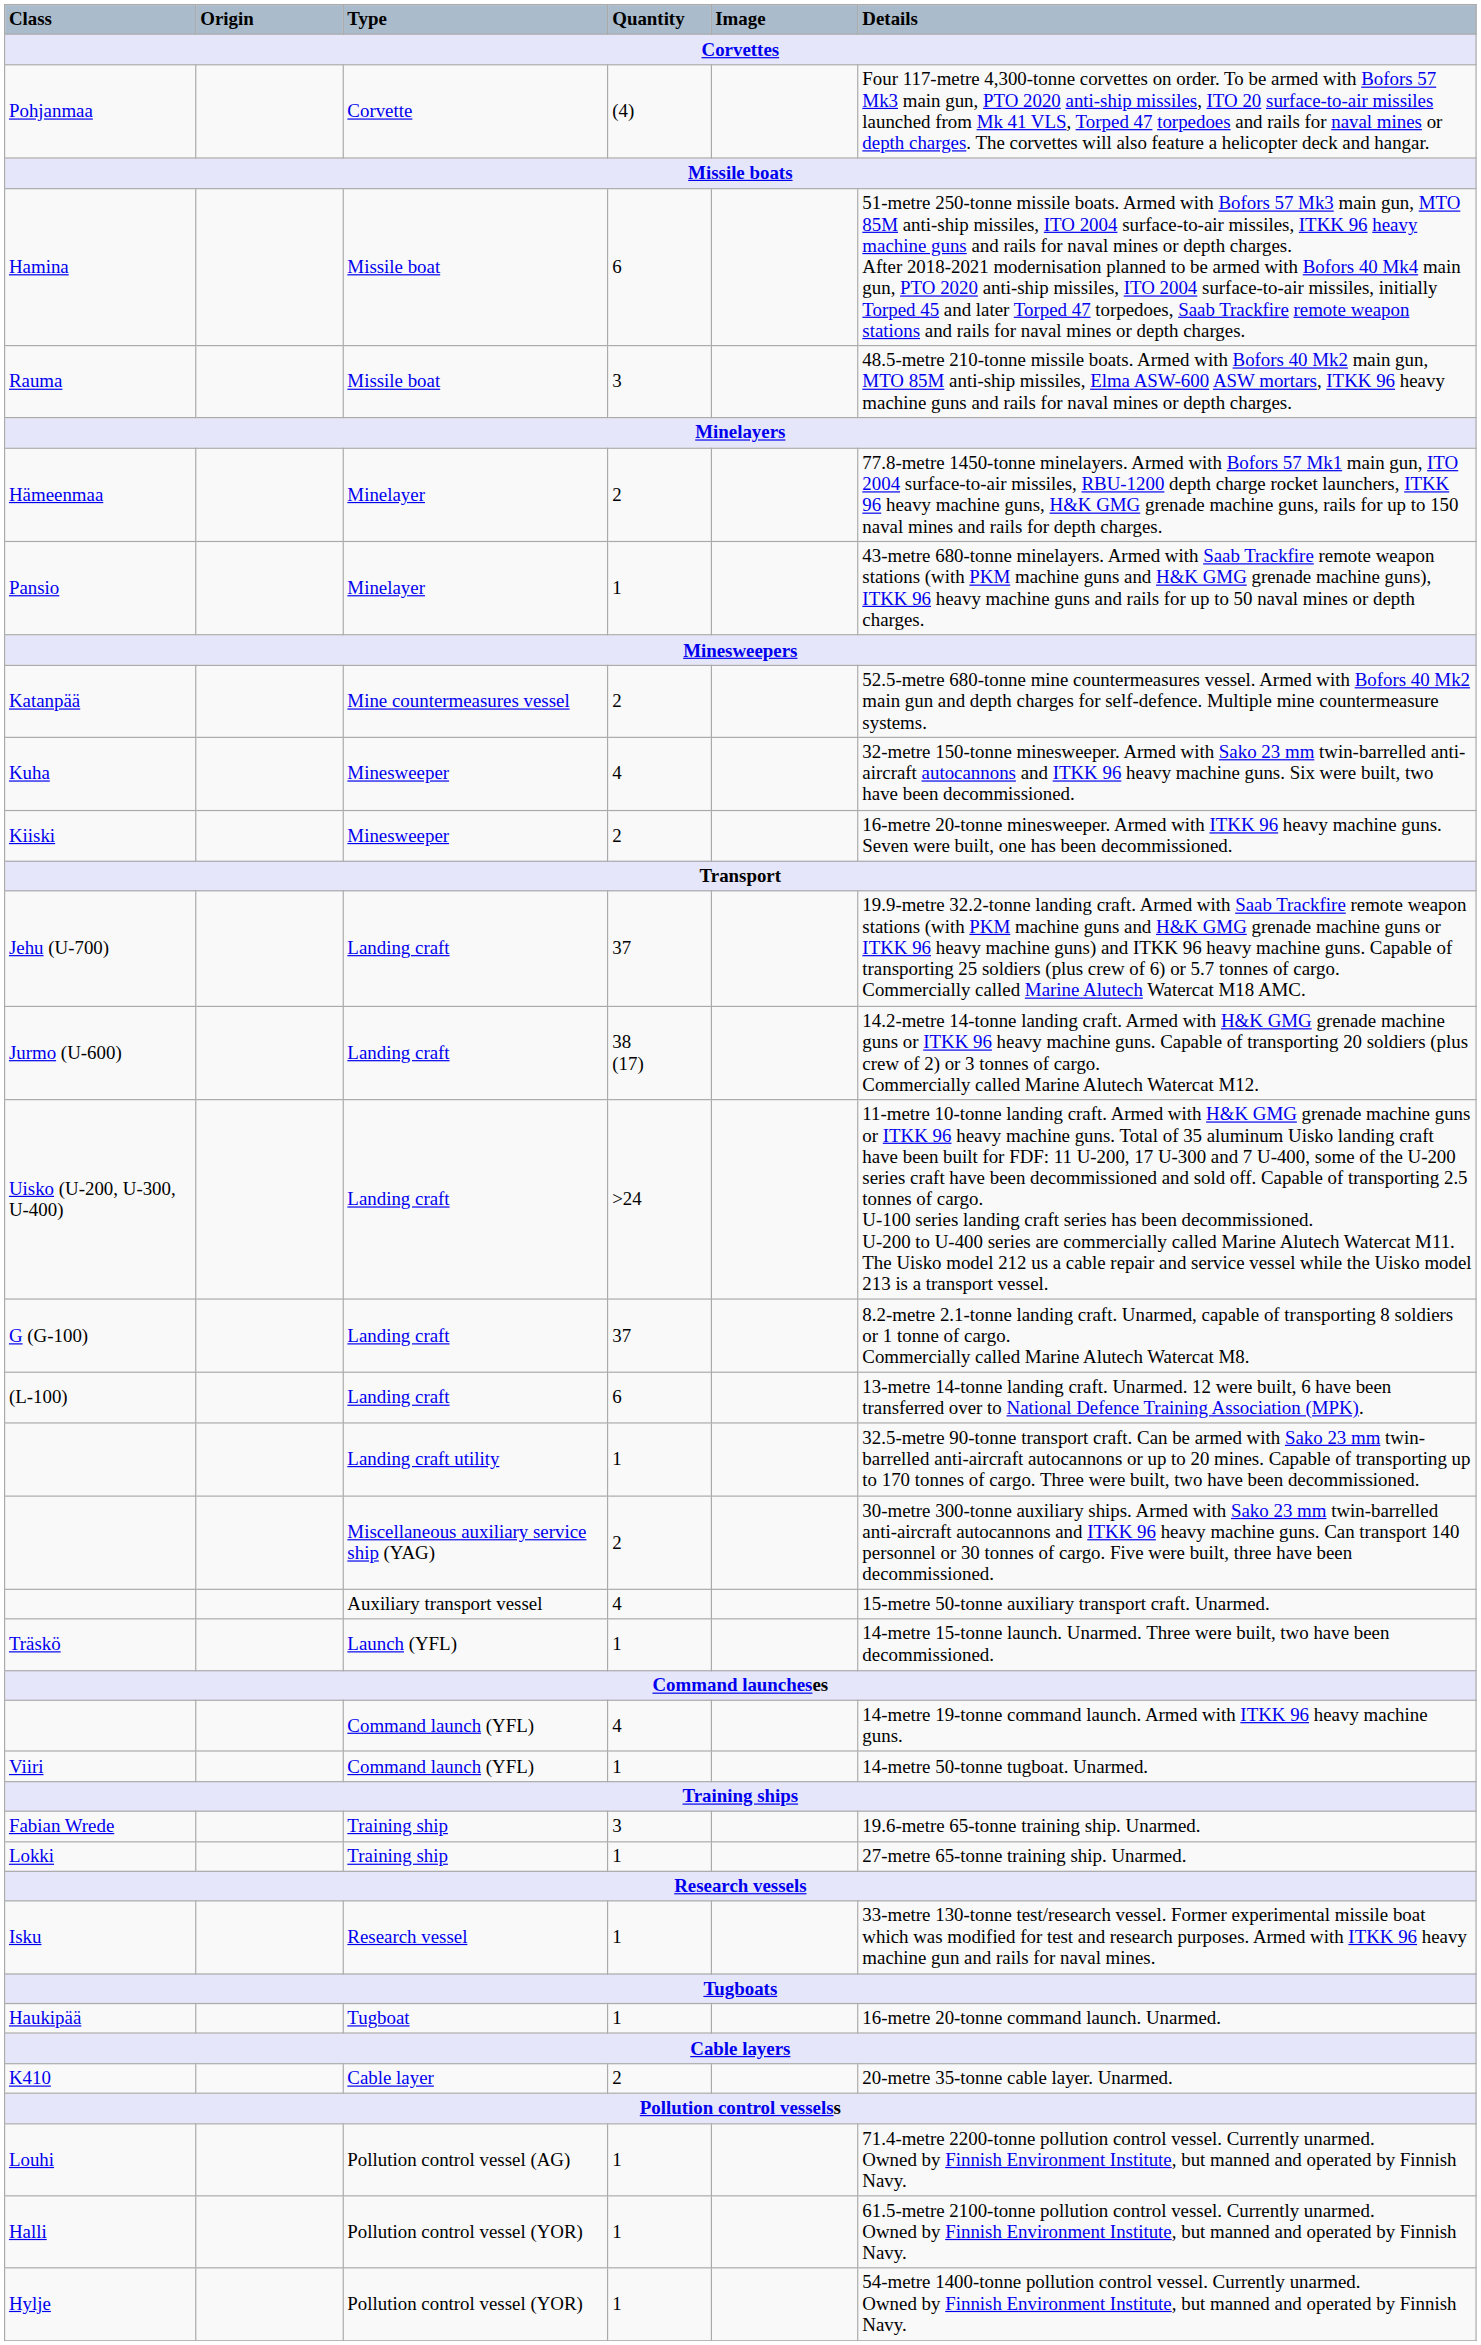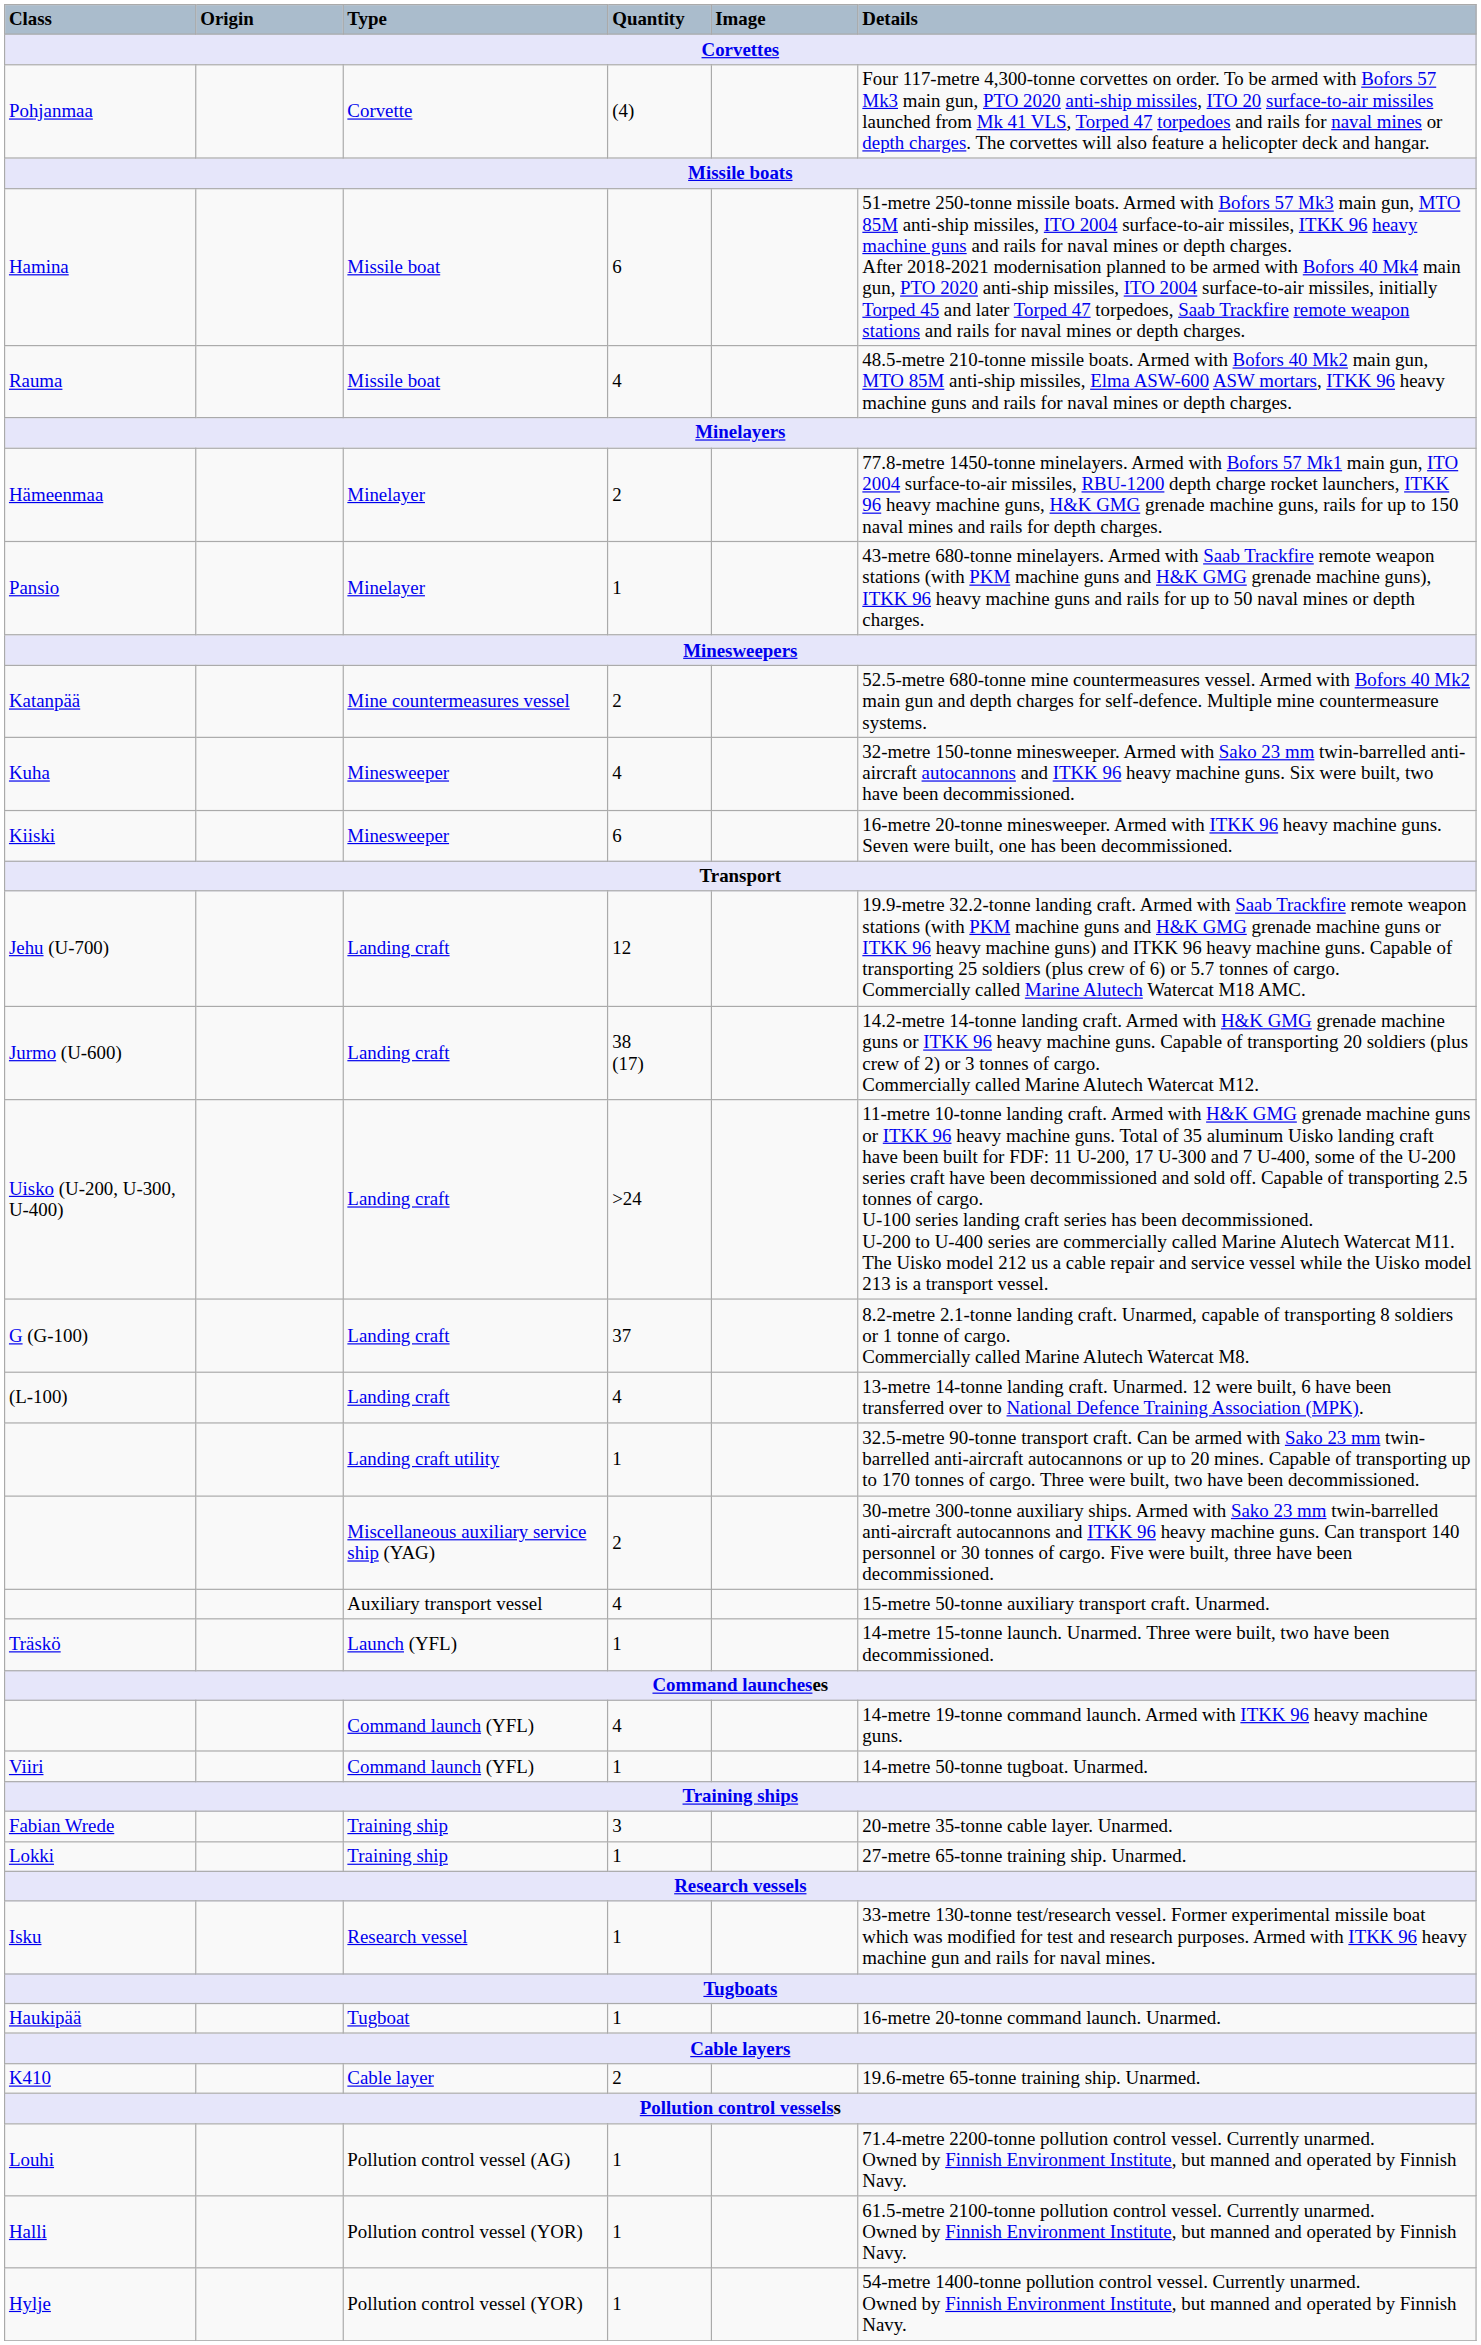 <table class="wikitable">
 <tr>
 <th style="text-align: left; background: #aabccc; width:13%;">Class</th>
 <th style="text-align: left; background: #aabccc; width:10%;">Origin</th>
 <th style="text-align: left; background: #aabccc; width:18%;">Type</th>
 <th style="text-align: left; background: #aabccc; width:7%;">Quantity</th>
 <th style="text-align: left; background: #aabccc;width:10%;">Image</th>
 <th style="text-align: left; background: #aabccc;width:42%;">Details</th>
 </tr>
 <tr>
 <th style="align: center; background: lavender;" colspan="7"><a href='#'>Corvettes</a></th>
 </tr>
 <tr>
 <td><a href='#'>Pohjanmaa</a></td>
 <td></td>
 <td><a href='#'>Corvette</a></td>
 <td>(4)</td>
 <td></td>
 <td>Four 117-metre 4,300-tonne corvettes on order. To be armed with <a href='#'>Bofors 57 Mk3</a> main gun, <a href='#'>PTO 2020</a> <a href='#'>anti-ship missiles</a>, <a href='#'>ITO 20</a> <a href='#'>surface-to-air missiles</a> launched from <a href='#'>Mk 41 VLS</a>, <a href='#'>Torped 47</a> <a href='#'>torpedoes</a> and rails for <a href='#'>naval mines</a> or <a href='#'>depth charges</a>. The corvettes will also feature a helicopter deck and hangar.</td>
 </tr>
 <tr>
 <th style="align: center; background: lavender;" colspan="7"><a href='#'>Missile boats</a></th>
 </tr>
 <tr>
 <td><a href='#'>Hamina</a></td>
 <td></td>
 <td><a href='#'>Missile boat</a></td>
 <td>6</td>
 <td></td>
 <td>51-metre 250-tonne missile boats. Armed with <a href='#'>Bofors 57 Mk3</a> main gun, <a href='#'>MTO 85M</a> anti-ship missiles, <a href='#'>ITO 2004</a> surface-to-air missiles, <a href='#'>ITKK 96</a> <a href='#'>heavy machine guns</a> and rails for naval mines or depth charges. <br> After 2018-2021 modernisation planned to be armed with <a href='#'>Bofors 40 Mk4</a> main gun, <a href='#'>PTO 2020</a> anti-ship missiles, <a href='#'>ITO 2004</a> surface-to-air missiles, initially <a href='#'>Torped 45</a> and later <a href='#'>Torped 47</a> torpedoes, <a href='#'>Saab Trackfire</a> <a href='#'>remote weapon stations</a> and rails for naval mines or depth charges.</td>
 </tr>
 <tr>
 <td><a href='#'>Rauma</a></td>
 <td></td>
 <td><a href='#'>Missile boat</a></td>
-<td>3</td>
+<td>4</td>
 <td></td>
 <td>48.5-metre 210-tonne missile boats. Armed with <a href='#'>Bofors 40 Mk2</a> main gun, <a href='#'>MTO 85M</a> anti-ship missiles, <a href='#'>Elma ASW-600</a> <a href='#'>ASW mortars</a>, <a href='#'>ITKK 96</a> heavy machine guns and rails for naval mines or depth charges.</td>
 </tr>
 <tr>
 <th style="align: center; background: lavender;" colspan="7"><a href='#'>Minelayers</a></th>
 </tr>
 <tr>
 <td><a href='#'>Hämeenmaa</a></td>
 <td></td>
 <td><a href='#'>Minelayer</a></td>
 <td>2</td>
 <td></td>
 <td>77.8-metre 1450-tonne minelayers. Armed with <a href='#'>Bofors 57 Mk1</a> main gun, <a href='#'>ITO 2004</a> surface-to-air missiles, <a href='#'>RBU-1200</a> depth charge rocket launchers, <a href='#'>ITKK 96</a> heavy machine guns, <a href='#'>H&K GMG</a> grenade machine guns, rails for up to 150 naval mines and rails for depth charges.</td>
 </tr>
 <tr>
 <td><a href='#'>Pansio</a></td>
 <td></td>
 <td><a href='#'>Minelayer</a></td>
 <td>1</td>
 <td></td>
 <td>43-metre 680-tonne minelayers. Armed with <a href='#'>Saab Trackfire</a> remote weapon stations (with <a href='#'>PKM</a> machine guns and <a href='#'>H&K GMG</a> grenade machine guns), <a href='#'>ITKK 96</a> heavy machine guns and rails for up to 50 naval mines or depth charges.</td>
 </tr>
 <tr>
 <th style="align: center; background: lavender;" colspan="7"><a href='#'>Minesweepers</a></th>
 </tr>
 <tr>
 <td><a href='#'>Katanpää</a></td>
 <td></td>
 <td><a href='#'>Mine countermeasures vessel</a></td>
 <td>2</td>
 <td></td>
 <td>52.5-metre 680-tonne mine countermeasures vessel. Armed with <a href='#'>Bofors 40 Mk2</a> main gun and depth charges for self-defence. Multiple mine countermeasure systems.</td>
 </tr>
 <tr>
 <td><a href='#'>Kuha</a></td>
 <td></td>
 <td><a href='#'>Minesweeper</a></td>
 <td>4</td>
 <td></td>
 <td>32-metre 150-tonne minesweeper. Armed with <a href='#'>Sako 23 mm</a> twin-barrelled anti-aircraft <a href='#'>autocannons</a> and <a href='#'>ITKK 96</a> heavy machine guns. Six were built, two have been decommissioned.</td>
 </tr>
 <tr>
 <td><a href='#'>Kiiski</a></td>
 <td></td>
 <td><a href='#'>Minesweeper</a></td>
-<td>2</td>
+<td>6</td>
 <td></td>
 <td>16-metre 20-tonne minesweeper. Armed with <a href='#'>ITKK 96</a> heavy machine guns. Seven were built, one has been decommissioned.</td>
 </tr>
 <tr>
 <th style="align: center; background: lavender;" colspan="7">Transport</th>
 </tr>
 <tr>
 <td><a href='#'>Jehu</a> (U-700)</td>
 <td></td>
 <td><a href='#'>Landing craft</a></td>
-<td>37</td>
+<td>12</td>
 <td></td>
 <td>19.9-metre 32.2-tonne landing craft. Armed with <a href='#'>Saab Trackfire</a> remote weapon stations (with <a href='#'>PKM</a> machine guns and <a href='#'>H&K GMG</a> grenade machine guns or <a href='#'>ITKK 96</a> heavy machine guns) and ITKK 96 heavy machine guns. Capable of transporting 25 soldiers (plus crew of 6) or 5.7 tonnes of cargo. <br> Commercially called <a href='#'>Marine Alutech</a> Watercat M18 AMC.</td>
 </tr>
 <tr>
 <td><a href='#'>Jurmo</a> (U-600)</td>
 <td></td>
 <td><a href='#'>Landing craft</a></td>
 <td>38<br>(17)</td>
 <td></td>
 <td>14.2-metre 14-tonne landing craft. Armed with <a href='#'>H&K GMG</a> grenade machine guns or <a href='#'>ITKK 96</a> heavy machine guns. Capable of transporting 20 soldiers (plus crew of 2) or 3 tonnes of cargo. <br> Commercially called Marine Alutech Watercat M12.</td>
 </tr>
 <tr>
 <td><a href='#'>Uisko</a> (U-200, U-300, U-400)</td>
 <td></td>
 <td><a href='#'>Landing craft</a></td>
 <td>>24</td>
 <td></td>
 <td>11-metre 10-tonne landing craft. Armed with <a href='#'>H&K GMG</a> grenade machine guns or <a href='#'>ITKK 96</a> heavy machine guns. Total of 35 aluminum Uisko landing craft have been built for FDF: 11 U-200, 17 U-300 and 7 U-400, some of the U-200 series craft have been decommissioned and sold off. Capable of transporting 2.5 tonnes of cargo. <br> U-100 series landing craft series has been decommissioned. <br> U-200 to U-400 series are commercially called Marine Alutech Watercat M11. The Uisko model 212 us a cable repair and service vessel while the Uisko model 213 is a transport vessel.</td>
 </tr>
 <tr>
 <td><a href='#'>G</a> (G-100)</td>
 <td></td>
 <td><a href='#'>Landing craft</a></td>
 <td>37</td>
 <td></td>
 <td>8.2-metre 2.1-tonne landing craft. Unarmed, capable of transporting 8 soldiers or 1 tonne of cargo. <br> Commercially called Marine Alutech Watercat M8.</td>
 </tr>
 <tr>
 <td> (L-100)</td>
 <td></td>
 <td><a href='#'>Landing craft</a></td>
-<td>6</td>
+<td>4</td>
 <td></td>
 <td>13-metre 14-tonne landing craft. Unarmed. 12 were built, 6 have been transferred over to <a href='#'>National Defence Training Association (MPK)</a>.</td>
 </tr>
 <tr>
 <td></td>
 <td></td>
 <td><a href='#'>Landing craft utility</a></td>
 <td>1</td>
 <td></td>
 <td>32.5-metre 90-tonne transport craft. Can be armed with <a href='#'>Sako 23 mm</a> twin-barrelled anti-aircraft autocannons or up to 20 mines. Capable of transporting up to 170 tonnes of cargo. Three were built, two have been decommissioned.</td>
 </tr>
 <tr>
 <td></td>
 <td></td>
 <td><a href='#'>Miscellaneous auxiliary service ship</a> (YAG)</td>
 <td>2</td>
 <td></td>
 <td>30-metre 300-tonne auxiliary ships. Armed with <a href='#'>Sako 23 mm</a> twin-barrelled anti-aircraft autocannons and <a href='#'>ITKK 96</a> heavy machine guns. Can transport 140 personnel or 30 tonnes of cargo. Five were built, three have been decommissioned.</td>
 </tr>
 <tr>
 <td></td>
 <td></td>
 <td>Auxiliary transport vessel</td>
 <td>4</td>
 <td></td>
 <td>15-metre 50-tonne auxiliary transport craft. Unarmed.</td>
 </tr>
 <tr>
 <td><a href='#'>Träskö</a></td>
 <td></td>
 <td><a href='#'>Launch</a> (YFL)</td>
 <td>1</td>
 <td></td>
 <td>14-metre 15-tonne launch. Unarmed. Three were built, two have been decommissioned.</td>
 </tr>
 <tr>
 <th style="align: center; background: lavender;" colspan="7"><a href='#'>Command launches</a>es</th>
 </tr>
 <tr>
 <td></td>
 <td></td>
 <td><a href='#'>Command launch</a> (YFL)</td>
 <td>4</td>
 <td></td>
 <td>14-metre 19-tonne command launch. Armed with <a href='#'>ITKK 96</a> heavy machine guns.</td>
 </tr>
 <tr>
 <td><a href='#'>Viiri</a></td>
 <td></td>
 <td><a href='#'>Command launch</a> (YFL)</td>
 <td>1</td>
 <td></td>
 <td>14-metre 50-tonne tugboat. Unarmed.</td>
 </tr>
 <tr>
 <th style="align: center; background: lavender;" colspan="7"><a href='#'>Training ships</a></th>
 </tr>
 <tr>
 <td><a href='#'>Fabian Wrede</a></td>
 <td></td>
 <td><a href='#'>Training ship</a></td>
 <td>3</td>
 <td></td>
-<td>19.6-metre 65-tonne training ship. Unarmed.</td>
+<td>20-metre 35-tonne cable layer. Unarmed.</td>
 </tr>
 <tr>
 <td><a href='#'>Lokki</a></td>
 <td></td>
 <td><a href='#'>Training ship</a></td>
 <td>1</td>
 <td></td>
 <td>27-metre 65-tonne training ship. Unarmed.</td>
 </tr>
 <tr>
 <th style="align: center; background: lavender;" colspan="7"><a href='#'>Research vessels</a></th>
 </tr>
 <tr>
 <td><a href='#'>Isku</a></td>
 <td></td>
 <td><a href='#'>Research vessel</a></td>
 <td>1</td>
 <td></td>
 <td>33-metre 130-tonne test/research vessel. Former experimental missile boat which was modified for test and research purposes. Armed with <a href='#'>ITKK 96</a> heavy machine gun and rails for naval mines.</td>
 </tr>
 <tr>
 <th style="align: center; background: lavender;" colspan="7"><a href='#'>Tugboats</a></th>
 </tr>
 <tr>
 <td><a href='#'>Haukipää</a></td>
 <td></td>
 <td><a href='#'>Tugboat</a></td>
 <td>1</td>
 <td></td>
 <td>16-metre 20-tonne command launch. Unarmed.</td>
 </tr>
 <tr>
 <th style="align: center; background: lavender;" colspan="7"><a href='#'>Cable layers</a></th>
 </tr>
 <tr>
 <td><a href='#'>K410</a></td>
 <td></td>
 <td><a href='#'>Cable layer</a></td>
 <td>2</td>
 <td></td>
-<td>20-metre 35-tonne cable layer. Unarmed.</td>
+<td>19.6-metre 65-tonne training ship. Unarmed.</td>
 </tr>
 <tr>
 <th style="align: center; background: lavender;" colspan="7"><a href='#'>Pollution control vessels</a>s</th>
 </tr>
 <tr>
 <td><a href='#'>Louhi</a></td>
 <td></td>
 <td>Pollution control vessel (AG)</td>
 <td>1</td>
 <td></td>
 <td>71.4-metre 2200-tonne pollution control vessel. Currently unarmed. <br> Owned by <a href='#'>Finnish Environment Institute</a>, but manned and operated by Finnish Navy.</td>
 </tr>
 <tr>
 <td><a href='#'>Halli</a></td>
 <td></td>
 <td>Pollution control vessel (YOR)</td>
 <td>1</td>
 <td></td>
 <td>61.5-metre 2100-tonne pollution control vessel. Currently unarmed. <br> Owned by <a href='#'>Finnish Environment Institute</a>, but manned and operated by Finnish Navy.</td>
 </tr>
 <tr>
 <td><a href='#'>Hylje</a></td>
 <td></td>
 <td>Pollution control vessel (YOR)</td>
 <td>1</td>
 <td></td>
 <td>54-metre 1400-tonne pollution control vessel. Currently unarmed. <br> Owned by <a href='#'>Finnish Environment Institute</a>, but manned and operated by Finnish Navy.</td>
 </tr>
 <tr>
 </tr>
 </table>
